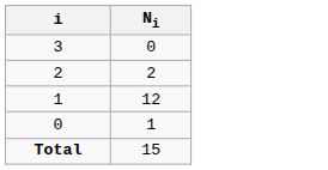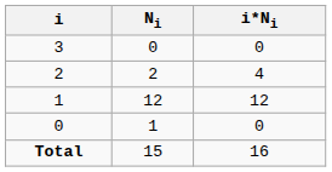 <table class="wikitable">
 <tr>
 <th style="width: 80px">i</th>
 <th style="width: 60px">N<sub>i</sub></th>
+<th style="width: 100px">i*N<sub>i</sub></th>
 </tr>
 <tr>
 <td style=" text-align:center">3</td>
+<td style=" text-align:center">0</td>
 <td style=" text-align:center">0</td>
 </tr>
 <tr>
 <td style=" text-align:center">2</td>
 <td style=" text-align:center">2</td>
+<td style=" text-align:center">4</td>
 </tr>
 <tr>
 <td style=" text-align:center">1</td>
+<td style=" text-align:center">12</td>
 <td style=" text-align:center">12</td>
 </tr>
 <tr>
 <td style=" text-align:center">0</td>
 <td style=" text-align:center">1</td>
+<td style=" text-align:center">0</td>
 </tr>
 <tr>
 <td style=" text-align:center"><strong>Total</strong></td>
 <td style=" text-align:center">15</td>
+<td style=" text-align:center">16</td>
 </tr>
 </table>
